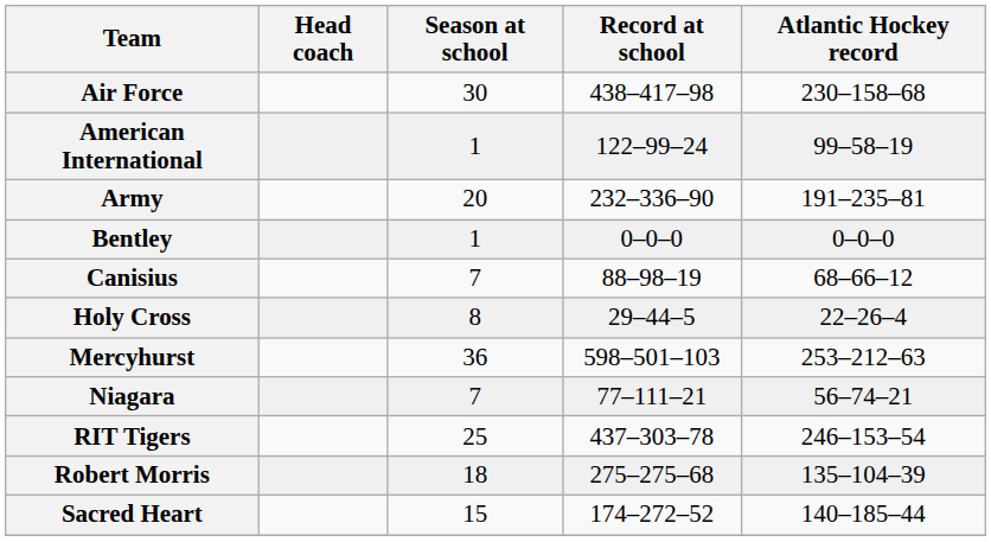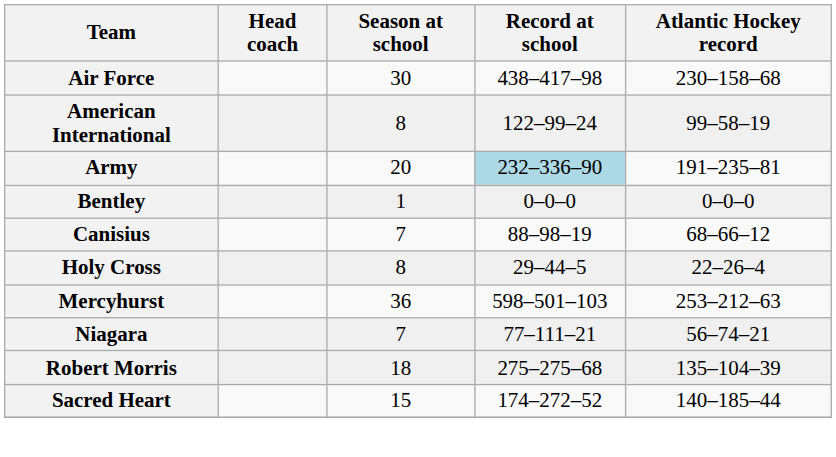 <table class="wikitable sortable" style="text-align: center; "width=50%">
 <tr>
 <th>Team</th>
 <th>Head coach</th>
 <th>Season at school</th>
 <th>Record at school</th>
 <th>Atlantic Hockey record</th>
 </tr>
 <tr>
 <th>Air Force</th>
 <td></td>
 <td>30</td>
 <td>438–417–98</td>
 <td>230–158–68</td>
 </tr>
 <tr bgcolor=f0f0f0>
 <th>American International</th>
 <td></td>
-<td>1</td>
+<td>8</td>
 <td>122–99–24</td>
 <td>99–58–19</td>
 </tr>
 <tr>
 <th>Army</th>
 <td></td>
 <td>20</td>
-<td>232–336–90</td>
+<td style="background: lightblue;">232–336–90</td>
 <td>191–235–81</td>
 </tr>
 <tr bgcolor=f0f0f0>
 <th>Bentley</th>
 <td></td>
 <td>1</td>
 <td>0–0–0</td>
 <td>0–0–0</td>
 </tr>
 <tr>
 <th>Canisius</th>
 <td></td>
 <td>7</td>
 <td>88–98–19</td>
 <td>68–66–12</td>
 </tr>
 <tr bgcolor=f0f0f0>
 <th>Holy Cross</th>
 <td></td>
 <td>8</td>
 <td>29–44–5</td>
 <td>22–26–4</td>
 </tr>
 <tr>
 <th>Mercyhurst</th>
 <td></td>
 <td>36</td>
 <td>598–501–103</td>
 <td>253–212–63</td>
 </tr>
 <tr bgcolor=f0f0f0>
 <th>Niagara</th>
 <td></td>
 <td>7</td>
 <td>77–111–21</td>
 <td>56–74–21</td>
 </tr>
-<tr>
-<th>RIT Tigers</th>
-<td></td>
-<td>25</td>
-<td>437–303–78</td>
-<td>246–153–54</td>
-</tr>
 <tr bgcolor=f0f0f0>
 <th>Robert Morris</th>
 <td></td>
 <td>18</td>
 <td>275–275–68</td>
 <td>135–104–39</td>
 </tr>
 <tr>
 <th>Sacred Heart</th>
 <td></td>
 <td>15</td>
 <td>174–272–52</td>
 <td>140–185–44</td>
 </tr>
 <tr>
 </tr>
 </table>
